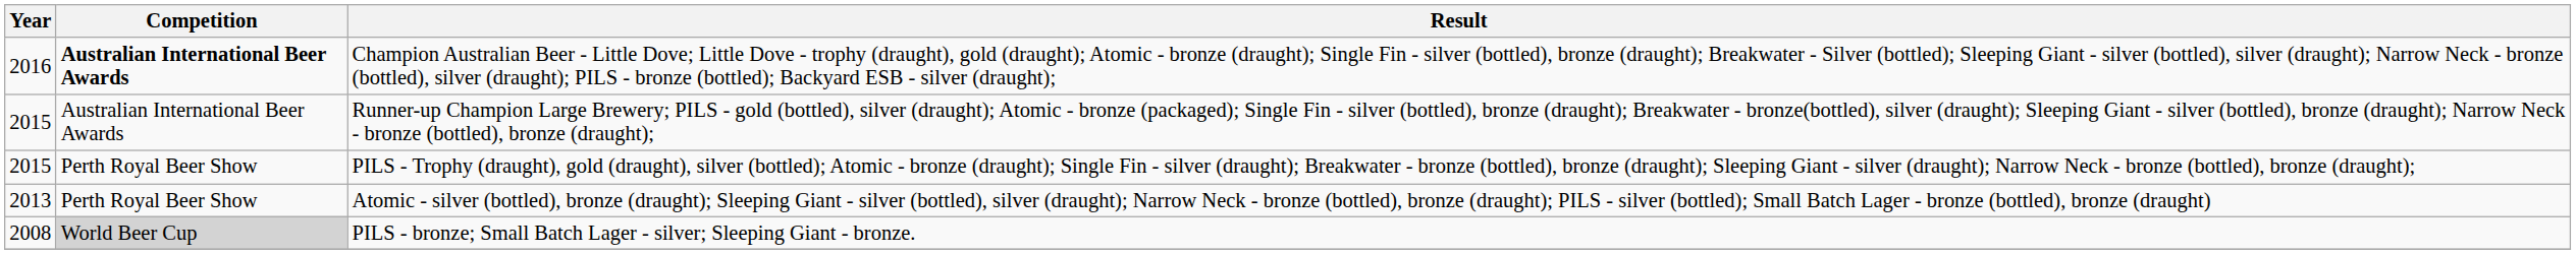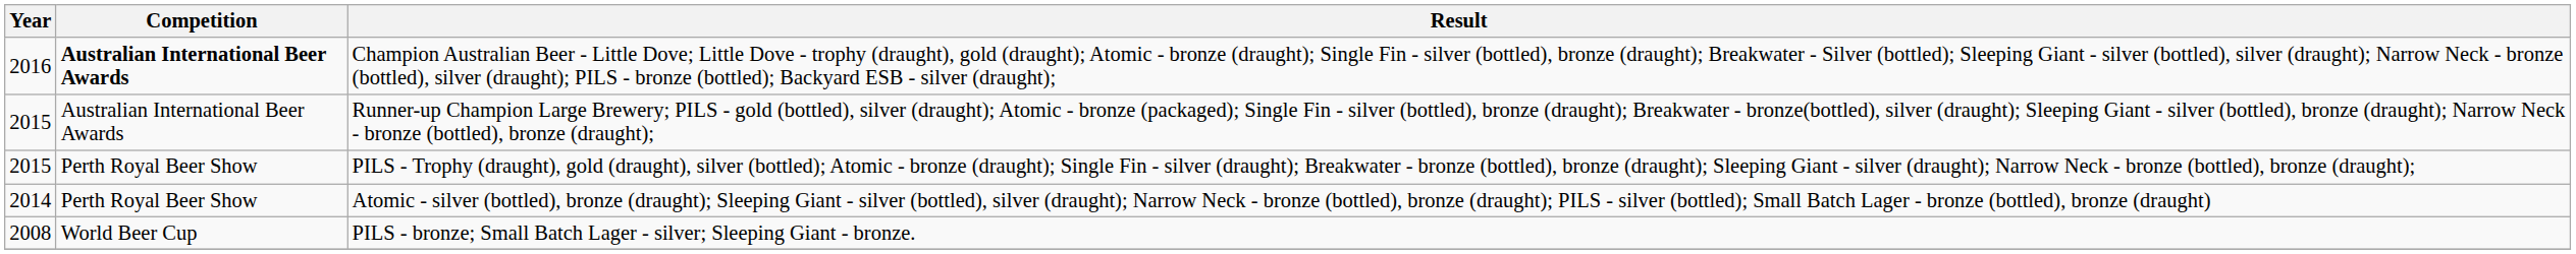 <table class="wikitable">
 <tr>
 <th>Year</th>
 <th>Competition</th>
 <th>Result</th>
 </tr>
 <tr>
 <td>2016</td>
 <td><strong>Australian International Beer Awards</strong></td>
 <td>Champion Australian Beer - Little Dove; Little Dove - trophy (draught), gold (draught); Atomic - bronze (draught); Single Fin - silver (bottled), bronze (draught); Breakwater - Silver (bottled); Sleeping Giant - silver (bottled), silver (draught); Narrow Neck - bronze (bottled), silver (draught); PILS - bronze (bottled); Backyard ESB - silver (draught);</td>
 </tr>
 <tr>
 <td>2015</td>
 <td>Australian International Beer Awards</td>
 <td>Runner-up Champion Large Brewery; PILS - gold (bottled), silver (draught); Atomic - bronze (packaged); Single Fin - silver (bottled), bronze (draught); Breakwater - bronze(bottled), silver (draught); Sleeping Giant - silver (bottled), bronze (draught); Narrow Neck - bronze (bottled), bronze (draught);</td>
 </tr>
 <tr>
 <td>2015</td>
 <td>Perth Royal Beer Show</td>
 <td>PILS - Trophy (draught), gold (draught), silver (bottled); Atomic - bronze (draught); Single Fin - silver (draught); Breakwater - bronze (bottled), bronze (draught); Sleeping Giant - silver (draught); Narrow Neck - bronze (bottled), bronze (draught);</td>
 </tr>
 <tr>
-<td>2013</td>
+<td>2014</td>
 <td>Perth Royal Beer Show</td>
 <td>Atomic - silver (bottled), bronze (draught); Sleeping Giant - silver (bottled), silver (draught); Narrow Neck - bronze (bottled), bronze (draught); PILS - silver (bottled); Small Batch Lager - bronze (bottled), bronze (draught)</td>
 </tr>
 <tr>
 <td>2008</td>
-<td style="background: lightgrey;">World Beer Cup</td>
+<td>World Beer Cup</td>
 <td>PILS - bronze; Small Batch Lager - silver; Sleeping Giant - bronze.</td>
 </tr>
 <tr>
 </tr>
 </table>
